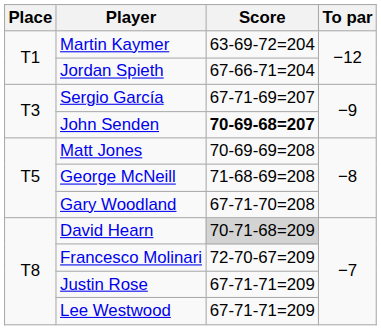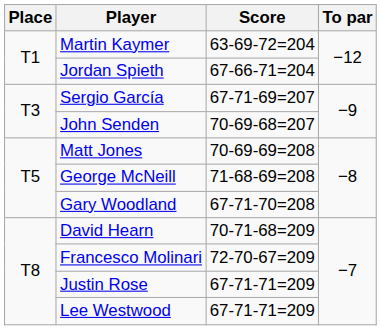 <table class="wikitable">
 <tr>
 <th>Place</th>
 <th>Player</th>
 <th>Score</th>
 <th>To par</th>
 </tr>
 <tr>
 <td align=center rowspan=2>T1</td>
 <td> <a href='#'>Martin Kaymer</a></td>
 <td align=center>63-69-72=204</td>
 <td align=center rowspan=2>−12</td>
 </tr>
 <tr>
 <td> <a href='#'>Jordan Spieth</a></td>
 <td align=center>67-66-71=204</td>
 </tr>
 <tr>
 <td align=center rowspan=2>T3</td>
 <td> <a href='#'>Sergio García</a></td>
 <td align=center>67-71-69=207</td>
 <td align=center rowspan=2>−9</td>
 </tr>
 <tr>
 <td> <a href='#'>John Senden</a></td>
-<td align=center><strong>70-69-68=207</strong></td>
+<td align=center>70-69-68=207</td>
 </tr>
 <tr>
 <td align=center rowspan=3>T5</td>
 <td> <a href='#'>Matt Jones</a></td>
 <td align=center>70-69-69=208</td>
 <td align=center rowspan=3>−8</td>
 </tr>
 <tr>
 <td> <a href='#'>George McNeill</a></td>
 <td align=center>71-68-69=208</td>
 </tr>
 <tr>
 <td> <a href='#'>Gary Woodland</a></td>
 <td align=center>67-71-70=208</td>
 </tr>
 <tr>
 <td align=center rowspan=4>T8</td>
 <td> <a href='#'>David Hearn</a></td>
-<td align=center style="background: lightgrey;">70-71-68=209</td>
+<td align=center>70-71-68=209</td>
 <td align=center rowspan=4>−7</td>
 </tr>
 <tr>
 <td> <a href='#'>Francesco Molinari</a></td>
 <td align=center>72-70-67=209</td>
 </tr>
 <tr>
 <td> <a href='#'>Justin Rose</a></td>
 <td align=center>67-71-71=209</td>
 </tr>
 <tr>
 <td> <a href='#'>Lee Westwood</a></td>
 <td align=center>67-71-71=209</td>
 </tr>
 </table>
